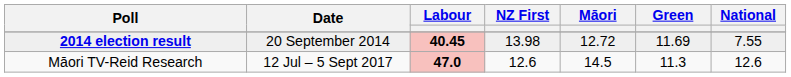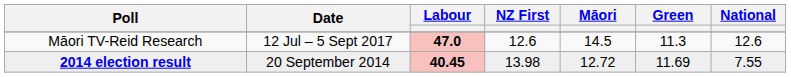 <table class="wikitable" style="font-size:90%; line-height:14px; text-align:center">
 <tr>
 <th style="width:240px;" rowspan="2">Poll</th>
 <th style="width:160px;" rowspan="2">Date </th>
 <th style="width:70px;" r bgcolor=><a href='#'>Labour</a></th>
 <th style="width:70px;" r bgcolor=><a href='#'>NZ First</a></th>
 <th style="width:70px;" r bgcolor=><a href='#'>Māori</a></th>
 <th style="width:70px;" r bgcolor=><a href='#'>Green</a></th>
 <th style="width:70px;" r bgcolor=><a href='#'>National</a></th>
 </tr>
 <tr>
 <th class="unsortable" style="color:inherit;background:"></th>
 <th class="unsortable" style="color:inherit;background:"></th>
 <th class="unsortable" style="color:inherit;background:"></th>
 <th class="unsortable" style="color:inherit;background:"></th>
 <th class="unsortable" style="color:inherit;background:"></th>
 </tr>
 <tr>
 </tr>
+<tr>
+<td>Māori TV-Reid Research</td>
+<td>12 Jul – 5 Sept 2017</td>
+<td style="background:#F8C1BE"><strong>47.0</strong></td>
+<td>12.6</td>
+<td>14.5</td>
+<td>11.3</td>
+<td>12.6</td>
+</tr>
 <tr style="background:#EFEFEF; font-weight:italic;">
 <td><strong><a href='#'>2014 election result</a></strong></td>
 <td>20 September 2014</td>
 <td style="background:#F8C1BE"><strong>40.45</strong></td>
 <td>13.98</td>
 <td>12.72</td>
 <td>11.69</td>
 <td>7.55</td>
 </tr>
-<tr>
-<td>Māori TV-Reid Research</td>
-<td>12 Jul – 5 Sept 2017</td>
-<td style="background:#F8C1BE"><strong>47.0</strong></td>
-<td>12.6</td>
-<td>14.5</td>
-<td>11.3</td>
-<td>12.6</td>
-</tr>
 </table>
